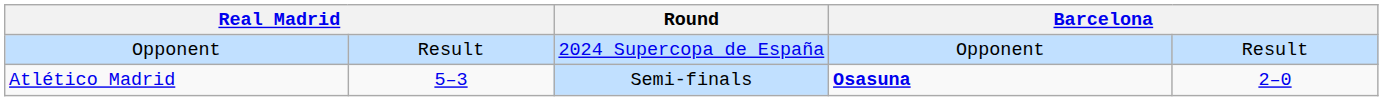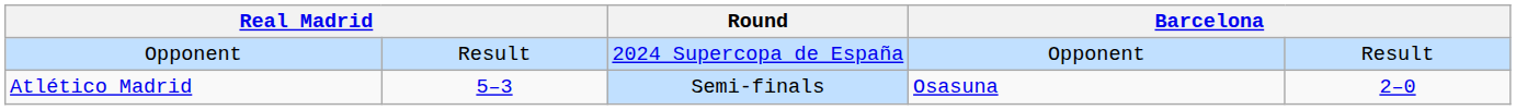 <table class="wikitable" style="text-align:center; white-space:nowrap;">
 <tr>
 <th colspan="2"><a href='#'>Real Madrid</a></th>
 <th>Round</th>
 <th colspan="2"><a href='#'>Barcelona</a></th>
 </tr>
 <tr style="background:#C1E0FF;">
 <td style="width:25%;">Opponent</td>
 <td style="width:15%;">Result</td>
 <td><a href='#'>2024 Supercopa de España</a></td>
 <td style="width:25%;">Opponent</td>
 <td style="width:15%;">Result</td>
 </tr>
 <tr>
 <td style="text-align:left;"><a href='#'>Atlético Madrid</a></td>
 <td><a href='#'>5–3</a> </td>
 <td style="background:#C1E0FF;">Semi-finals</td>
-<td style="text-align:left;"><strong><a href='#'>Osasuna</a></strong></td>
+<td style="text-align:left;"><a href='#'>Osasuna</a></td>
 <td><a href='#'>2–0</a></td>
 </tr>
 </table>
